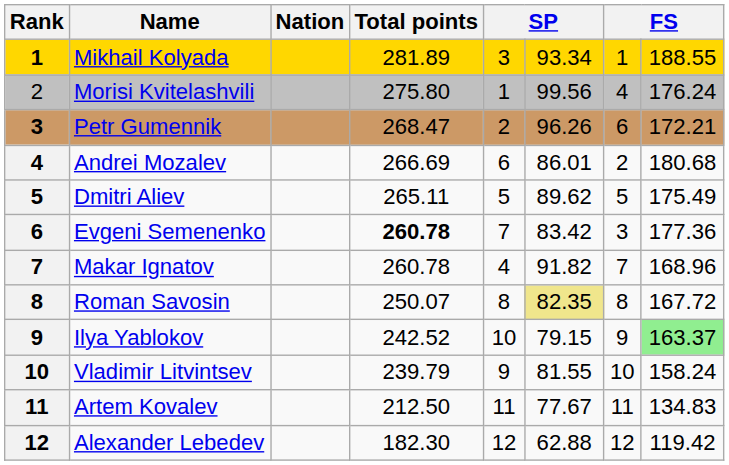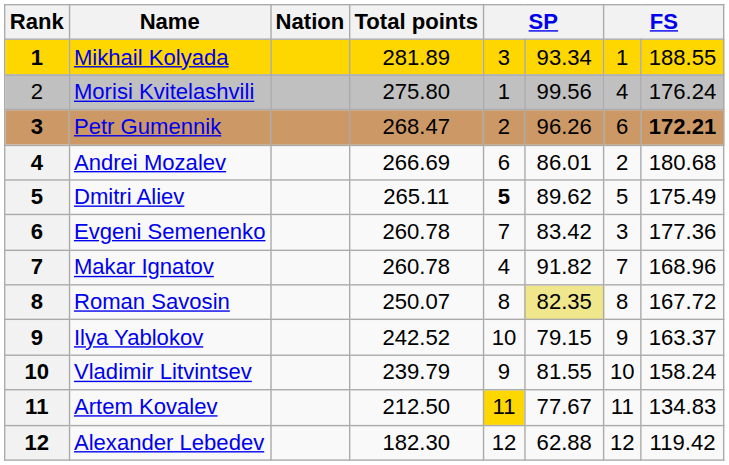 <table class="wikitable sortable">
 <tr>
 <th>Rank</th>
 <th>Name</th>
 <th>Nation</th>
 <th>Total points</th>
 <th colspan="2" width="80px"><a href='#'>SP</a></th>
 <th colspan="2" width="80px"><a href='#'>FS</a></th>
 </tr>
 <tr bgcolor="gold">
 <td align="center"><strong>1</strong></td>
 <td><a href='#'>Mikhail Kolyada</a></td>
 <td></td>
 <td align="center">281.89</td>
 <td align="center">3</td>
 <td align="center">93.34</td>
 <td align="center">1</td>
 <td align="center">188.55</td>
 </tr>
 <tr bgcolor="silver">
 <td align="center">2</td>
 <td><a href='#'>Morisi Kvitelashvili</a></td>
 <td></td>
 <td align="center">275.80</td>
 <td align="center">1</td>
 <td align="center">99.56</td>
 <td align="center">4</td>
 <td align="center">176.24</td>
 </tr>
 <tr bgcolor="cc9966">
 <td align="center"><strong>3</strong></td>
 <td><a href='#'>Petr Gumennik</a></td>
 <td></td>
 <td align="center">268.47</td>
 <td align="center">2</td>
 <td align="center">96.26</td>
 <td align="center">6</td>
-<td align="center">172.21</td>
+<td align="center"><strong>172.21</strong></td>
 </tr>
 <tr>
 <th>4</th>
 <td><a href='#'>Andrei Mozalev</a></td>
 <td></td>
 <td align="center">266.69</td>
 <td align="center">6</td>
 <td align="center">86.01</td>
 <td align="center">2</td>
 <td align="center">180.68</td>
 </tr>
 <tr>
 <th>5</th>
 <td><a href='#'>Dmitri Aliev</a></td>
 <td></td>
 <td align="center">265.11</td>
-<td align="center">5</td>
+<td align="center"><strong>5</strong></td>
 <td align="center">89.62</td>
 <td align="center">5</td>
 <td align="center">175.49</td>
 </tr>
 <tr>
 <th>6</th>
 <td><a href='#'>Evgeni Semenenko</a></td>
 <td></td>
-<td align="center"><strong>260.78</strong></td>
+<td align="center">260.78</td>
 <td align="center">7</td>
 <td align="center">83.42</td>
 <td align="center">3</td>
 <td align="center">177.36</td>
 </tr>
 <tr>
 <th>7</th>
 <td><a href='#'>Makar Ignatov</a></td>
 <td></td>
 <td align="center">260.78</td>
 <td align="center">4</td>
 <td align="center">91.82</td>
 <td align="center">7</td>
 <td align="center">168.96</td>
 </tr>
 <tr>
 <th>8</th>
 <td><a href='#'>Roman Savosin</a></td>
 <td></td>
 <td align="center">250.07</td>
 <td align="center">8</td>
 <td align="center" style="background: khaki;">82.35</td>
 <td align="center">8</td>
 <td align="center">167.72</td>
 </tr>
 <tr>
 <th>9</th>
 <td><a href='#'>Ilya Yablokov</a></td>
 <td></td>
 <td align="center">242.52</td>
 <td align="center">10</td>
 <td align="center">79.15</td>
 <td align="center">9</td>
-<td align="center" style="background: lightgreen;">163.37</td>
+<td align="center">163.37</td>
 </tr>
 <tr>
 <th>10</th>
 <td><a href='#'>Vladimir Litvintsev</a></td>
 <td></td>
 <td align="center">239.79</td>
 <td align="center">9</td>
 <td align="center">81.55</td>
 <td align="center">10</td>
 <td align="center">158.24</td>
 </tr>
 <tr>
 <th>11</th>
 <td><a href='#'>Artem Kovalev</a></td>
 <td></td>
 <td align="center">212.50</td>
-<td align="center">11</td>
+<td align="center" style="background: gold;">11</td>
 <td align="center">77.67</td>
 <td align="center">11</td>
 <td align="center">134.83</td>
 </tr>
 <tr>
 <th>12</th>
 <td><a href='#'>Alexander Lebedev</a></td>
 <td></td>
 <td align="center">182.30</td>
 <td align="center">12</td>
 <td align="center">62.88</td>
 <td align="center">12</td>
 <td align="center">119.42</td>
 </tr>
 </table>
